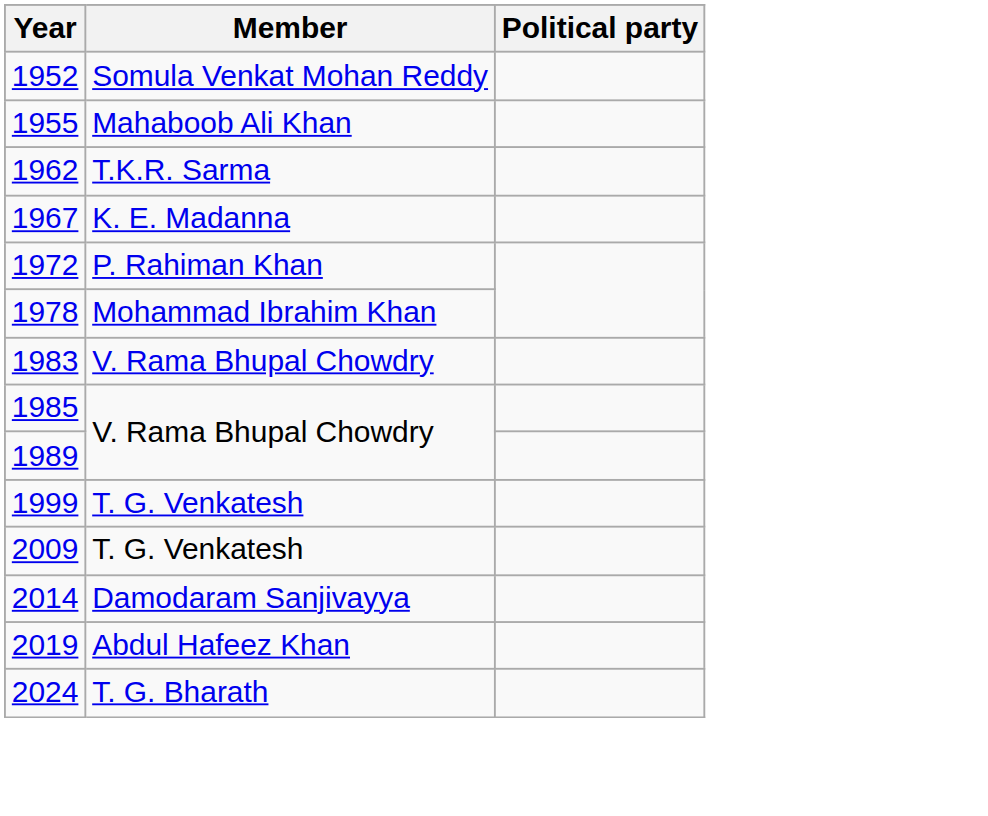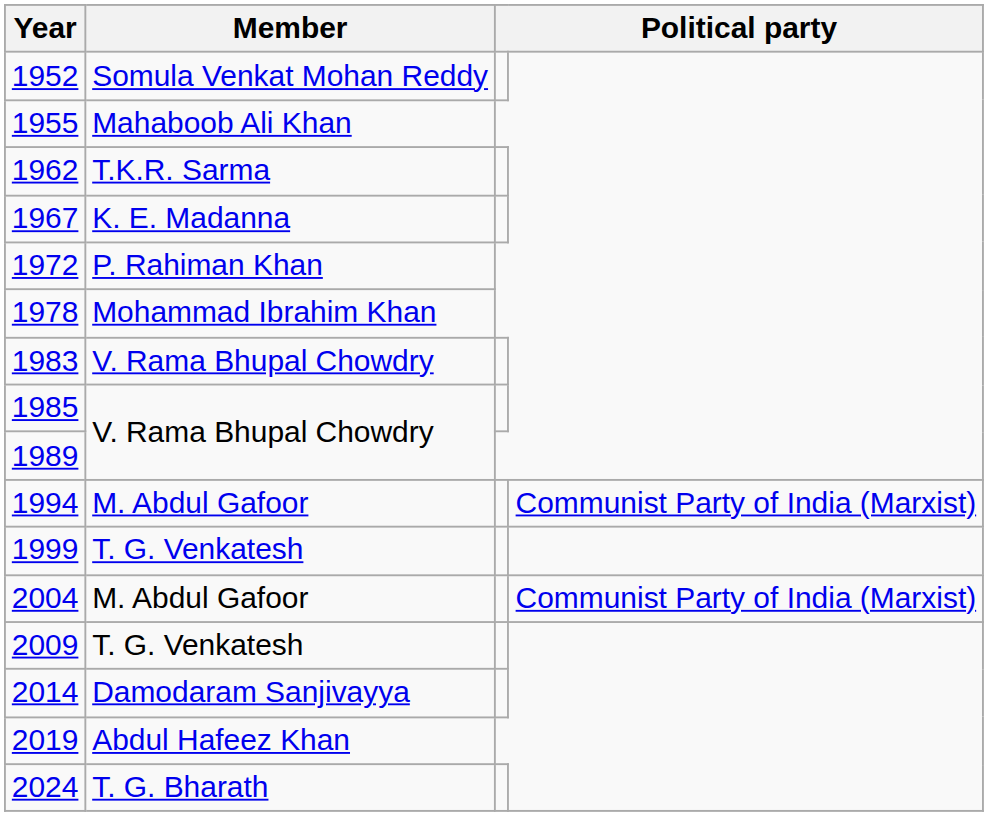 <table class="wikitable sortable">
 <tr>
 <th>Year</th>
 <th>Member</th>
 <th colspan="2">Political party</th>
 </tr>
 <tr>
 <td><a href='#'>1952</a></td>
 <td><a href='#'>Somula Venkat Mohan Reddy</a></td>
 <td></td>
 </tr>
 <tr>
 <td><a href='#'>1955</a></td>
 <td><a href='#'>Mahaboob Ali Khan</a></td>
 </tr>
 <tr>
 <td><a href='#'>1962</a></td>
 <td><a href='#'>T.K.R. Sarma</a></td>
 <td></td>
 </tr>
 <tr>
 <td><a href='#'>1967</a></td>
 <td><a href='#'>K. E. Madanna</a></td>
 <td></td>
 </tr>
 <tr>
 <td><a href='#'>1972</a></td>
 <td><a href='#'>P. Rahiman Khan</a></td>
 </tr>
 <tr>
 <td><a href='#'>1978</a></td>
 <td><a href='#'>Mohammad Ibrahim Khan</a></td>
 </tr>
 <tr>
 <td><a href='#'>1983</a></td>
 <td><a href='#'>V. Rama Bhupal Chowdry</a></td>
 <td></td>
 </tr>
 <tr>
 <td><a href='#'>1985</a></td>
 <td rowspan=2>V. Rama Bhupal Chowdry</td>
 <td></td>
 </tr>
 <tr>
 <td><a href='#'>1989</a></td>
 </tr>
 <tr>
+<td><a href='#'>1994</a></td>
+<td><a href='#'>M. Abdul Gafoor</a></td>
+<td style="background-color: "></td>
+<td><a href='#'>Communist Party of India (Marxist)</a></td>
+</tr>
+<tr>
 <td><a href='#'>1999</a></td>
 <td><a href='#'>T. G. Venkatesh</a></td>
 <td></td>
+</tr>
+<tr>
+<td><a href='#'>2004</a></td>
+<td>M. Abdul Gafoor</td>
+<td style="background-color: "></td>
+<td><a href='#'>Communist Party of India (Marxist)</a></td>
 </tr>
 <tr>
 <td><a href='#'>2009</a></td>
 <td>T. G. Venkatesh</td>
 <td></td>
 </tr>
 <tr>
 <td><a href='#'>2014</a></td>
 <td><a href='#'>Damodaram Sanjivayya</a></td>
 <td></td>
 </tr>
 <tr>
 <td><a href='#'>2019</a></td>
 <td><a href='#'>Abdul Hafeez Khan</a></td>
 </tr>
 <tr>
 <td><a href='#'>2024</a></td>
 <td><a href='#'>T. G. Bharath</a></td>
 <td></td>
 </tr>
 </table>
